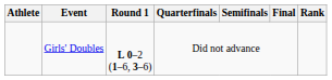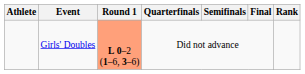 <table class=wikitable style="font-size:90%">
 <tr>
 <th>Athlete</th>
 <th>Event</th>
 <th>Round 1</th>
 <th>Quarterfinals</th>
 <th>Semifinals</th>
 <th>Final</th>
 <th>Rank</th>
 </tr>
 <tr>
 <td> <br></td>
 <td><a href='#'>Girls' Doubles</a></td>
-<td align=center><br><br><strong>L</strong> <strong>0</strong>–2<br> (<strong>1</strong>–6, <strong>3</strong>–6)</td>
+<td align=center style="background: lightsalmon;"><br><br><strong>L</strong> <strong>0</strong>–2<br> (<strong>1</strong>–6, <strong>3</strong>–6)</td>
 <td colspan=3 align=center>Did not advance</td>
 <td align=center></td>
 </tr>
 </table>
